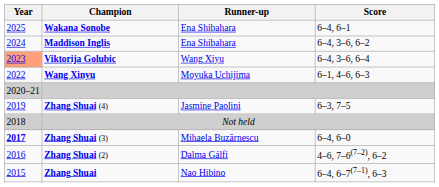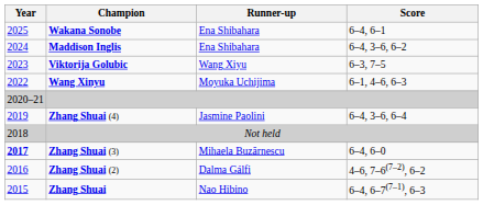 <table class="wikitable" style="font-size:90%">
 <tr>
 <th>Year</th>
 <th width="200">Champion</th>
 <th width="200">Runner-up</th>
 <th width="175">Score</th>
 </tr>
 <tr>
 <td><a href='#'>2025</a></td>
 <td> <strong><a href='#'>Wakana Sonobe</a></strong></td>
 <td> <a href='#'>Ena Shibahara</a></td>
 <td>6–4, 6–1</td>
 </tr>
 <tr>
 <td><a href='#'>2024</a></td>
 <td> <strong><a href='#'>Maddison Inglis</a></strong></td>
 <td> <a href='#'>Ena Shibahara</a></td>
 <td>6–4, 3–6, 6–2</td>
 </tr>
 <tr>
-<td style="background: lightsalmon;"><a href='#'>2023</a></td>
+<td><a href='#'>2023</a></td>
 <td> <strong><a href='#'>Viktorija Golubic</a></strong></td>
 <td> <a href='#'>Wang Xiyu</a></td>
-<td>6–4, 3–6, 6–4</td>
+<td>6–3, 7–5</td>
 </tr>
 <tr>
 <td><a href='#'>2022</a></td>
 <td> <strong><a href='#'>Wang Xinyu</a></strong></td>
 <td> <a href='#'>Moyuka Uchijima</a></td>
 <td>6–1, 4–6, 6–3</td>
 </tr>
 <tr>
 <td style="background:#cfcfcf">2020–21</td>
 <td colspan=3 bgcolor="#cfcfcf"></td>
 </tr>
 <tr>
 <td><a href='#'>2019</a></td>
 <td> <strong><a href='#'>Zhang Shuai</a></strong> <small>(4)</small></td>
 <td> <a href='#'>Jasmine Paolini</a></td>
-<td>6–3, 7–5</td>
+<td>6–4, 3–6, 6–4</td>
 </tr>
 <tr>
 <td style="background:#cfcfcf">2018</td>
 <td colspan=3 align=center style="background:#cfcfcf"><em>Not held</em></td>
 </tr>
 <tr>
 <td><strong><a href='#'>2017</a></strong></td>
 <td> <strong><a href='#'>Zhang Shuai</a></strong> <small>(3)</small></td>
 <td> <a href='#'>Mihaela Buzărnescu</a></td>
 <td>6–4, 6–0</td>
 </tr>
 <tr>
 <td><a href='#'>2016</a></td>
 <td> <strong><a href='#'>Zhang Shuai</a></strong> <small>(2)</small></td>
 <td> <a href='#'>Dalma Gálfi</a></td>
 <td>4–6, 7–6<sup>(7–2)</sup>, 6–2</td>
 </tr>
 <tr>
 <td><a href='#'>2015</a></td>
 <td> <strong><a href='#'>Zhang Shuai</a></strong></td>
 <td> <a href='#'>Nao Hibino</a></td>
 <td>6–4, 6–7<sup>(7–1)</sup>, 6–3</td>
 </tr>
 </table>
